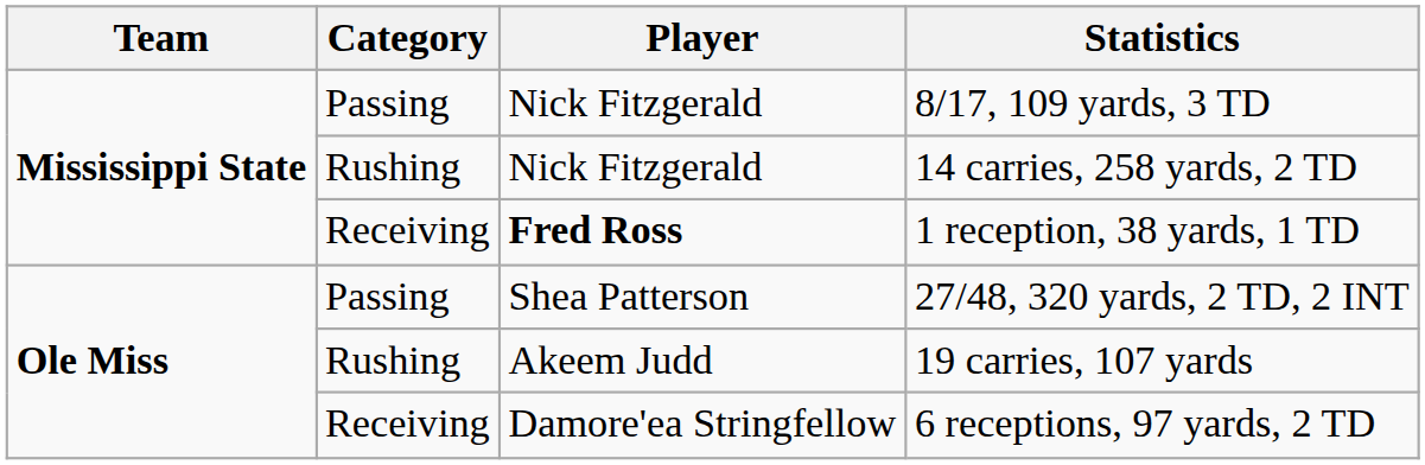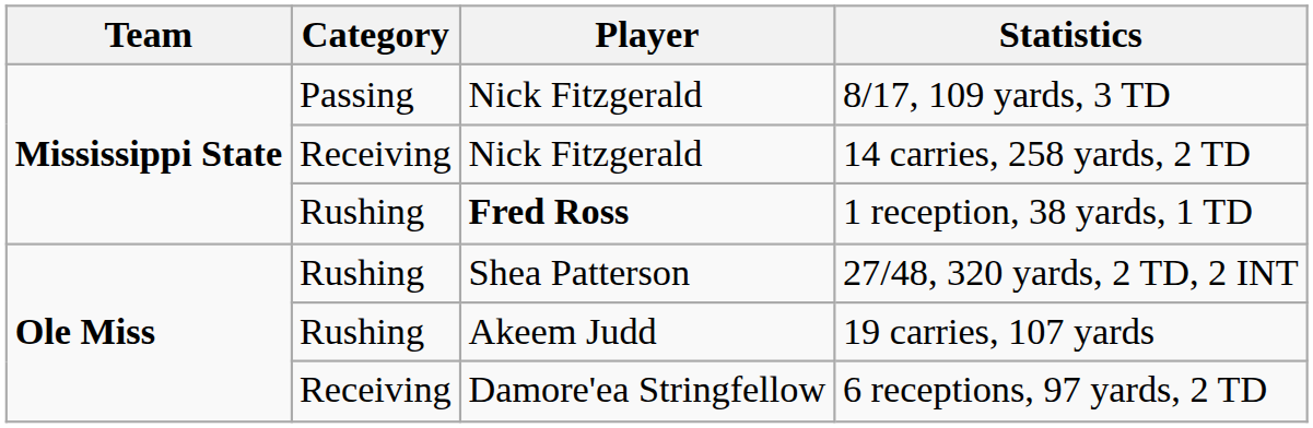 <table class="wikitable" style="float: right;">
 <tr>
 <th>Team</th>
 <th>Category</th>
 <th>Player</th>
 <th>Statistics</th>
 </tr>
 <tr>
 <td rowspan=3><strong>Mississippi State</strong></td>
 <td>Passing</td>
 <td>Nick Fitzgerald</td>
 <td>8/17, 109 yards, 3 TD</td>
 </tr>
 <tr>
-<td>Rushing</td>
+<td>Receiving</td>
 <td>Nick Fitzgerald</td>
 <td>14 carries, 258 yards, 2 TD</td>
 </tr>
 <tr>
-<td>Receiving</td>
+<td>Rushing</td>
 <td><strong>Fred Ross</strong></td>
 <td>1 reception, 38 yards, 1 TD</td>
 </tr>
 <tr>
 <td rowspan=3><strong>Ole Miss</strong></td>
-<td>Passing</td>
+<td>Rushing</td>
 <td>Shea Patterson</td>
 <td>27/48, 320 yards, 2 TD, 2 INT</td>
 </tr>
 <tr>
 <td>Rushing</td>
 <td>Akeem Judd</td>
 <td>19 carries, 107 yards</td>
 </tr>
 <tr>
 <td>Receiving</td>
 <td>Damore'ea Stringfellow</td>
 <td>6 receptions, 97 yards, 2 TD</td>
 </tr>
 </table>
